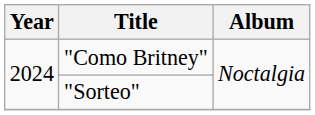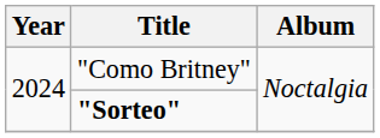 <table class="wikitable plainrowheaders" style="text-align:center;">
 <tr>
 <th scope="col" rowspan="1">Year</th>
 <th scope="col" rowspan="1">Title</th>
 <th scope="col" rowspan="1">Album</th>
 </tr>
 <tr>
 <td rowspan=2>2024</td>
 <td align="left">"Como Britney" </td>
 <td rowspan=2><em>Noctalgia</em></td>
 </tr>
 <tr>
-<td align="left">"Sorteo"</td>
+<td align="left"><strong>"Sorteo"</strong></td>
 </tr>
 <tr>
 </tr>
 </table>
